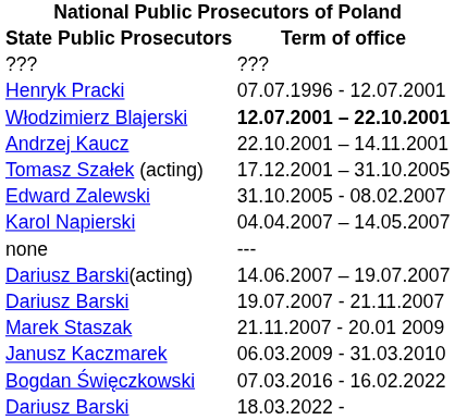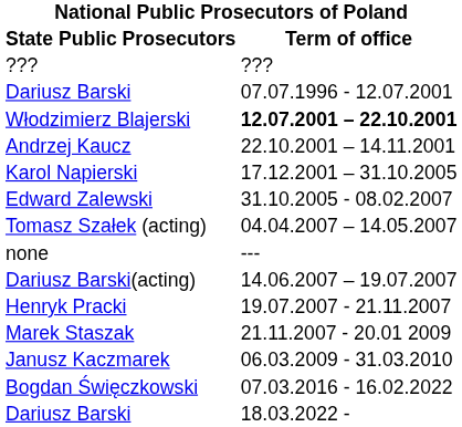 <table align=center border=0>
 <tr>
 <th colspan=2 align=center>National Public Prosecutors of Poland</th>
 </tr>
 <tr>
 <th align=center>State Public Prosecutors</th>
 <th align=center>Term of office</th>
 </tr>
 <tr>
 <td>???</td>
 <td>???</td>
 </tr>
 <tr>
-<td><a href='#'>Henryk Pracki</a></td>
+<td><a href='#'>Dariusz Barski</a></td>
 <td>07.07.1996 - 12.07.2001</td>
 </tr>
 <tr>
 <td><a href='#'>Włodzimierz Blajerski</a></td>
 <td><strong>12.07.2001 – 22.10.2001</strong></td>
 </tr>
 <tr>
 <td><a href='#'>Andrzej Kaucz</a></td>
 <td>22.10.2001 – 14.11.2001</td>
 </tr>
 <tr>
-<td><a href='#'>Tomasz Szałek</a> (acting)</td>
+<td><a href='#'>Karol Napierski</a></td>
 <td>17.12.2001 – 31.10.2005</td>
 </tr>
 <tr>
 <td><a href='#'>Edward Zalewski</a></td>
 <td>31.10.2005 - 08.02.2007</td>
 </tr>
 <tr>
-<td><a href='#'>Karol Napierski</a></td>
+<td><a href='#'>Tomasz Szałek</a> (acting)</td>
 <td>04.04.2007 – 14.05.2007</td>
 </tr>
 <tr>
 <td>none</td>
 <td>---</td>
 </tr>
 <tr>
 <td><a href='#'>Dariusz Barski</a>(acting)</td>
 <td>14.06.2007 – 19.07.2007</td>
 </tr>
 <tr>
-<td><a href='#'>Dariusz Barski</a></td>
+<td><a href='#'>Henryk Pracki</a></td>
 <td>19.07.2007 - 21.11.2007</td>
 </tr>
 <tr>
 <td><a href='#'>Marek Staszak</a></td>
 <td>21.11.2007 - 20.01 2009</td>
 </tr>
 <tr>
 <td><a href='#'>Janusz Kaczmarek</a></td>
 <td>06.03.2009 - 31.03.2010</td>
 </tr>
 <tr>
 <td><a href='#'>Bogdan Święczkowski</a></td>
 <td>07.03.2016 - 16.02.2022</td>
 </tr>
 <tr>
 <td><a href='#'>Dariusz Barski</a></td>
 <td>18.03.2022 -</td>
 </tr>
 <tr>
 </tr>
 </table>
